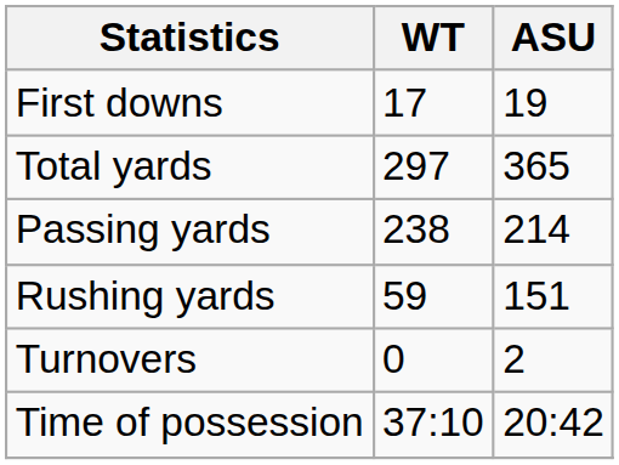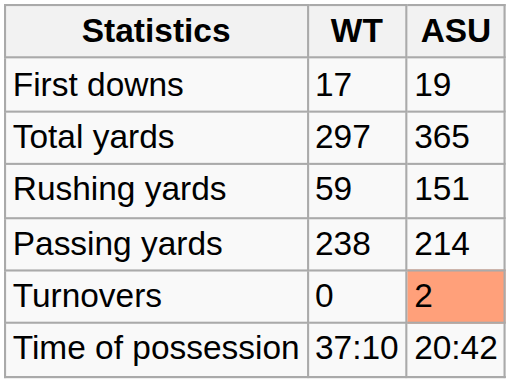 <table class="wikitable">
 <tr>
 <th>Statistics</th>
 <th>WT</th>
 <th>ASU</th>
 </tr>
 <tr>
 <td>First downs</td>
 <td>17</td>
 <td>19</td>
 </tr>
 <tr>
 <td>Total yards</td>
 <td>297</td>
 <td>365</td>
 </tr>
 <tr>
+<td>Rushing yards</td>
+<td>59</td>
+<td>151</td>
+</tr>
+<tr>
 <td>Passing yards</td>
 <td>238</td>
 <td>214</td>
 </tr>
 <tr>
-<td>Rushing yards</td>
-<td>59</td>
-<td>151</td>
-</tr>
-<tr>
 <td>Turnovers</td>
 <td>0</td>
-<td>2</td>
+<td style="background: lightsalmon;">2</td>
 </tr>
 <tr>
 <td>Time of possession</td>
 <td>37:10</td>
 <td>20:42</td>
 </tr>
 <tr>
 </tr>
 </table>
